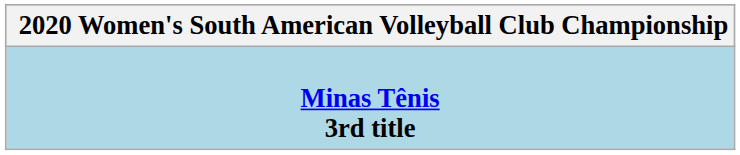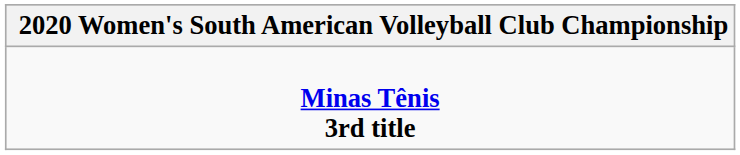 <table class="wikitable" style="text-align: center; margin: 0 auto;">
 <tr>
 <th> 2020 Women's South American Volleyball Club Championship<br></th>
 </tr>
 <tr>
-<td style="background: lightblue;"><br><strong><a href='#'>Minas Tênis</a></strong><br><strong>3rd title</strong></td>
+<td><br><strong><a href='#'>Minas Tênis</a></strong><br><strong>3rd title</strong></td>
 </tr>
 </table>
